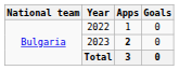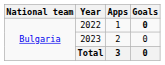 <table class="wikitable" style="text-align:center">
 <tr>
 <th>National team</th>
 <th>Year</th>
 <th>Apps</th>
 <th>Goals</th>
 </tr>
 <tr>
 <td rowspan="3"><a href='#'>Bulgaria</a></td>
 <td>2022</td>
 <td>1</td>
-<td>0</td>
+<td><strong>0</strong></td>
 </tr>
 <tr>
 <td>2023</td>
-<td><strong>2</strong></td>
+<td>2</td>
 <td>0</td>
 </tr>
 <tr>
 <th>Total</th>
 <th>3</th>
 <th>0</th>
 </tr>
 </table>
